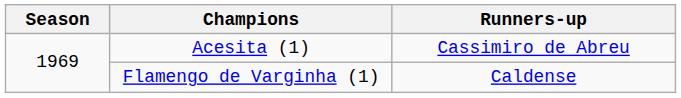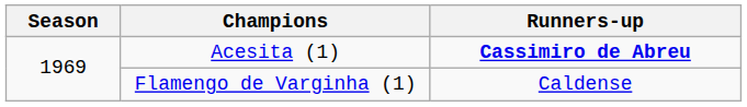 <table class="wikitable" style="text-align:center; margin-left:1em;">
 <tr>
 <th style="width:70px">Season</th>
 <th style="width:200px">Champions</th>
 <th style="width:200px">Runners-up</th>
 </tr>
 <tr>
 <td rowspan=2>1969</td>
 <td><a href='#'>Acesita</a> (1)</td>
-<td><a href='#'>Cassimiro de Abreu</a></td>
+<td><strong><a href='#'>Cassimiro de Abreu</a></strong></td>
 </tr>
 <tr>
 <td><a href='#'>Flamengo de Varginha</a> (1)</td>
 <td><a href='#'>Caldense</a></td>
 </tr>
 </table>
